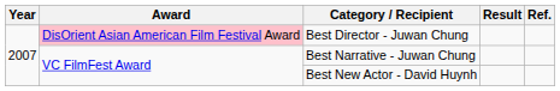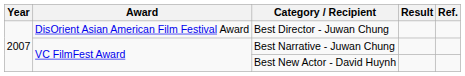 <table class="wikitable">
 <tr>
 <th>Year</th>
 <th>Award</th>
 <th>Category / Recipient</th>
 <th>Result</th>
 <th>Ref.</th>
 </tr>
 <tr>
 <td rowspan=3>2007</td>
-<td style="background: pink;"><a href='#'>DisOrient Asian American Film Festival</a> Award</td>
+<td><a href='#'>DisOrient Asian American Film Festival</a> Award</td>
 <td>Best Director - Juwan Chung</td>
 <td></td>
 <td align=center></td>
 </tr>
 <tr>
 <td rowspan=2><a href='#'>VC FilmFest Award</a></td>
 <td>Best Narrative - Juwan Chung</td>
 <td></td>
 <td align=center></td>
 </tr>
 <tr>
 <td>Best New Actor - David Huynh</td>
 <td></td>
 <td align=center></td>
 </tr>
 </table>
